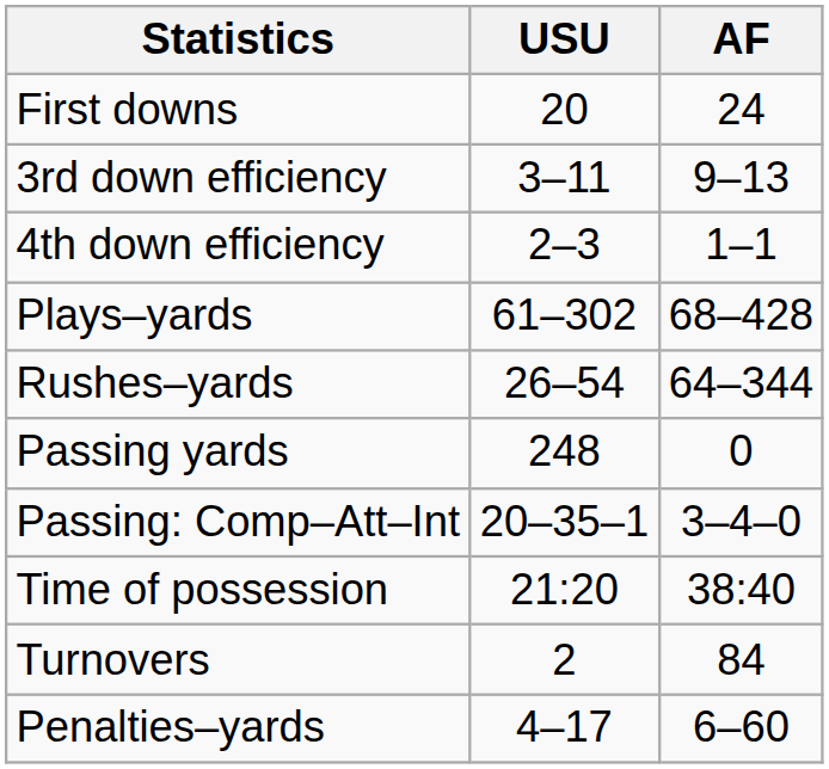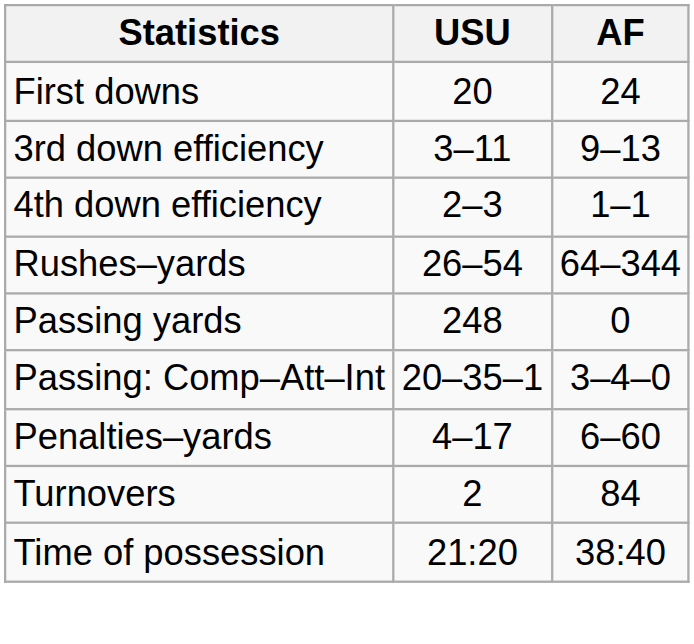 <table class="wikitable">
 <tr>
 <th>Statistics</th>
 <th>USU</th>
 <th>AF</th>
 </tr>
 <tr>
 <td>First downs</td>
 <td align=center>20</td>
 <td align=center>24</td>
 </tr>
 <tr>
 <td>3rd down efficiency</td>
 <td align=center>3–11</td>
 <td align=center>9–13</td>
 </tr>
 <tr>
 <td>4th down efficiency</td>
 <td align=center>2–3</td>
 <td align=center>1–1</td>
 </tr>
 <tr>
-<td>Plays–yards</td>
-<td align=center>61–302</td>
-<td align=center>68–428</td>
-</tr>
-<tr>
 <td>Rushes–yards</td>
 <td align=center>26–54</td>
 <td align=center>64–344</td>
 </tr>
 <tr>
 <td>Passing yards</td>
 <td align=center>248</td>
 <td align=center>0</td>
 </tr>
 <tr>
 <td>Passing: Comp–Att–Int</td>
 <td align=center>20–35–1</td>
 <td align=center>3–4–0</td>
 </tr>
 <tr>
-<td>Time of possession</td>
-<td align=center>21:20</td>
-<td align=center>38:40</td>
+<td>Penalties–yards</td>
+<td align=center>4–17</td>
+<td align=center>6–60</td>
 </tr>
 <tr>
 <td>Turnovers</td>
 <td align=center>2</td>
 <td align=center>84</td>
 </tr>
 <tr>
-<td>Penalties–yards</td>
-<td align=center>4–17</td>
-<td align=center>6–60</td>
+<td>Time of possession</td>
+<td align=center>21:20</td>
+<td align=center>38:40</td>
 </tr>
 </table>
